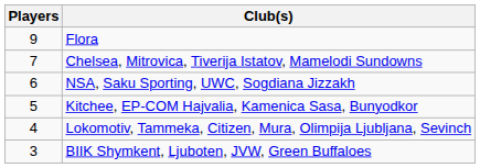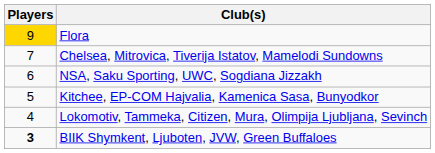 <table class="wikitable">
 <tr>
 <th>Players</th>
 <th>Club(s)</th>
 </tr>
 <tr>
-<td align="center">9</td>
+<td align="center" style="background: gold;">9</td>
 <td> <a href='#'>Flora</a></td>
 </tr>
 <tr>
 <td align="center">7</td>
 <td> <a href='#'>Chelsea</a>,  <a href='#'>Mitrovica</a>,  <a href='#'>Tiverija Istatov</a>,  <a href='#'>Mamelodi Sundowns</a></td>
 </tr>
 <tr>
 <td align="center">6</td>
 <td> <a href='#'>NSA</a>,  <a href='#'>Saku Sporting</a>,  <a href='#'>UWC</a>,  <a href='#'>Sogdiana Jizzakh</a></td>
 </tr>
 <tr>
 <td align="center">5</td>
 <td> <a href='#'>Kitchee</a>,  <a href='#'>EP-COM Hajvalia</a>,  <a href='#'>Kamenica Sasa</a>,  <a href='#'>Bunyodkor</a></td>
 </tr>
 <tr>
 <td align="center">4</td>
 <td> <a href='#'>Lokomotiv</a>,  <a href='#'>Tammeka</a>,  <a href='#'>Citizen</a>,  <a href='#'>Mura</a>,  <a href='#'>Olimpija Ljubljana</a>,  <a href='#'>Sevinch</a></td>
 </tr>
 <tr>
-<td align="center">3</td>
+<td align="center"><strong>3</strong></td>
 <td> <a href='#'>BIIK Shymkent</a>,  <a href='#'>Ljuboten</a>,  <a href='#'>JVW</a>,  <a href='#'>Green Buffaloes</a></td>
 </tr>
 </table>
